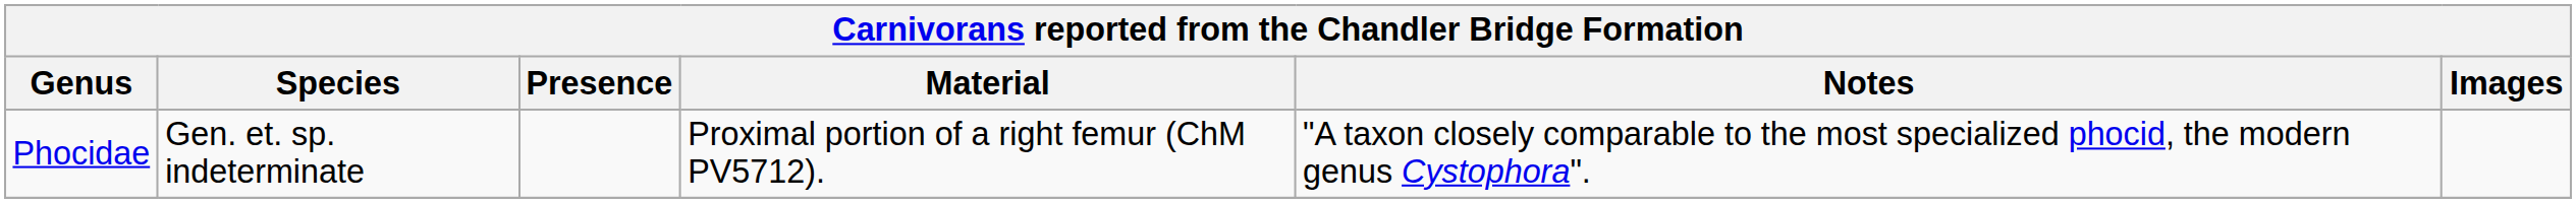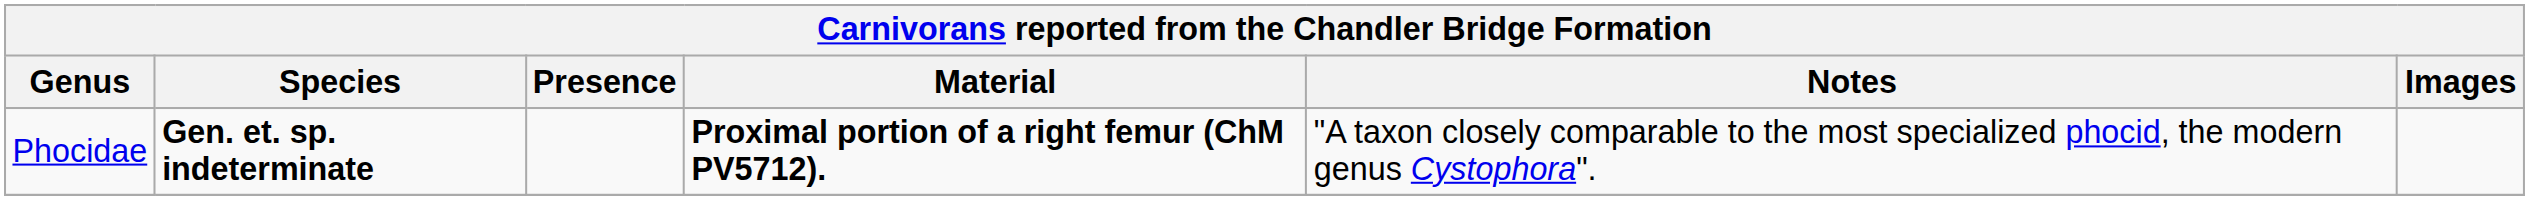 <table class="wikitable" align="center">
 <tr>
 <th colspan="6" align="center"><strong><a href='#'>Carnivorans</a> reported from the Chandler Bridge Formation</strong></th>
 </tr>
 <tr x>
 <th>Genus</th>
 <th>Species</th>
 <th>Presence</th>
 <th><strong>Material</strong></th>
 <th>Notes</th>
 <th>Images</th>
 </tr>
 <tr>
 <td><a href='#'>Phocidae</a></td>
-<td>Gen. et. sp. indeterminate</td>
+<td><strong>Gen. et. sp. indeterminate</strong></td>
 <td></td>
-<td>Proximal portion of a right femur (ChM PV5712).</td>
+<td><strong>Proximal portion of a right femur (ChM PV5712).</strong></td>
 <td>"A taxon closely comparable to the most specialized <a href='#'>phocid</a>, the modern genus <a href='#'><em>Cystophora</em></a>".</td>
 <td></td>
 </tr>
 <tr>
 </tr>
 </table>
